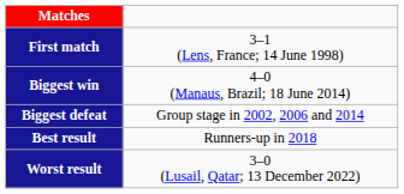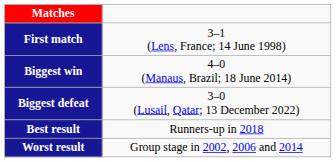 <table class="wikitable collapsible" style="width:50%;text-align:center">
 <tr>
 <th style="background:#ff0000; color:white; ">Matches</th>
 </tr>
 <tr>
 <th style="background:#171796; color:white; ">First match</th>
 <td> 3–1 <br>(<a href='#'>Lens</a>, France; 14 June 1998)</td>
 </tr>
 <tr>
 <th style="background:#171796; color:white; ">Biggest win</th>
 <td> 4–0 <br>(<a href='#'>Manaus</a>, Brazil; 18 June 2014)</td>
 </tr>
 <tr>
 <th style="background:#171796; color:white; ">Biggest defeat</th>
-<td>Group stage in <a href='#'>2002</a>, <a href='#'>2006</a> and <a href='#'>2014</a></td>
+<td> 3–0 <br>(<a href='#'>Lusail</a>, <a href='#'>Qatar</a>; 13 December 2022)</td>
 </tr>
 <tr>
 <th style="background:#171796; color:white; ">Best result</th>
 <td>Runners-up in <a href='#'>2018</a></td>
 </tr>
 <tr>
 <th style="background:#171796;color: white; ">Worst result</th>
-<td> 3–0 <br>(<a href='#'>Lusail</a>, <a href='#'>Qatar</a>; 13 December 2022)</td>
+<td>Group stage in <a href='#'>2002</a>, <a href='#'>2006</a> and <a href='#'>2014</a></td>
 </tr>
 </table>
